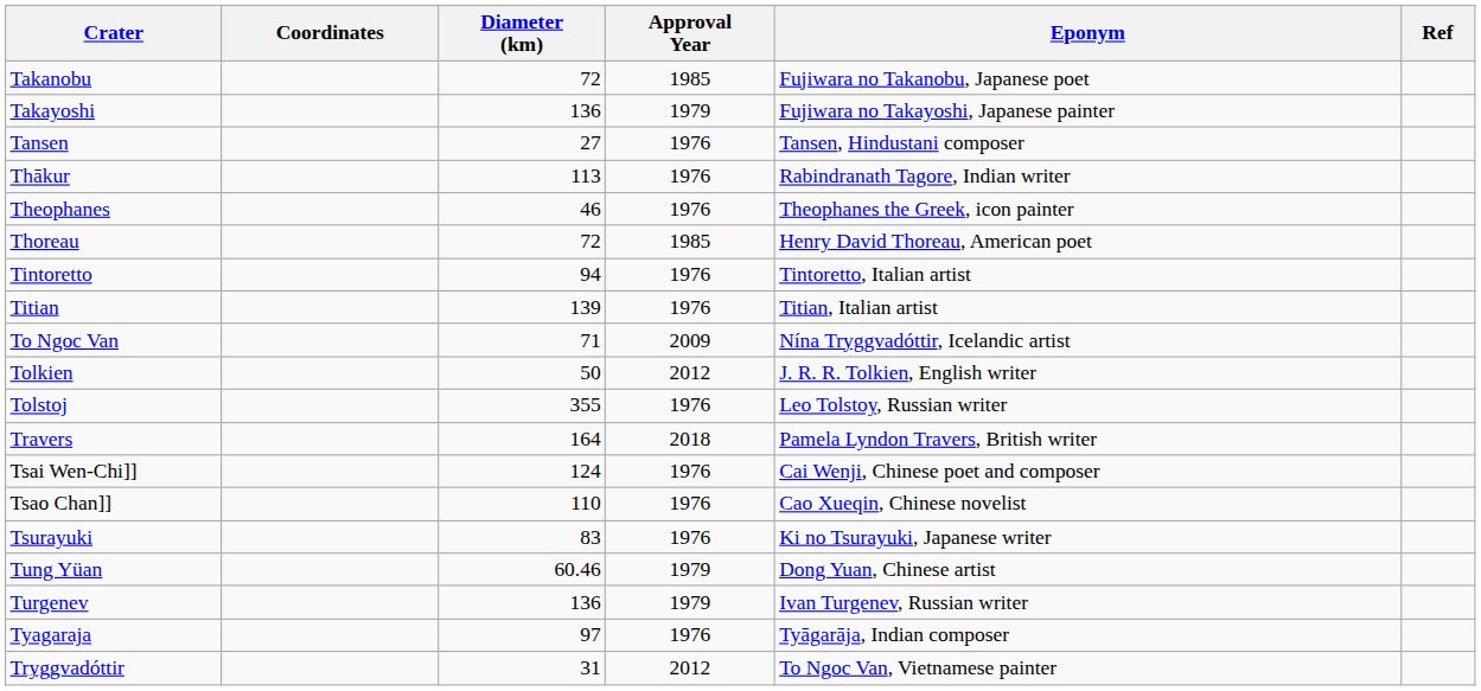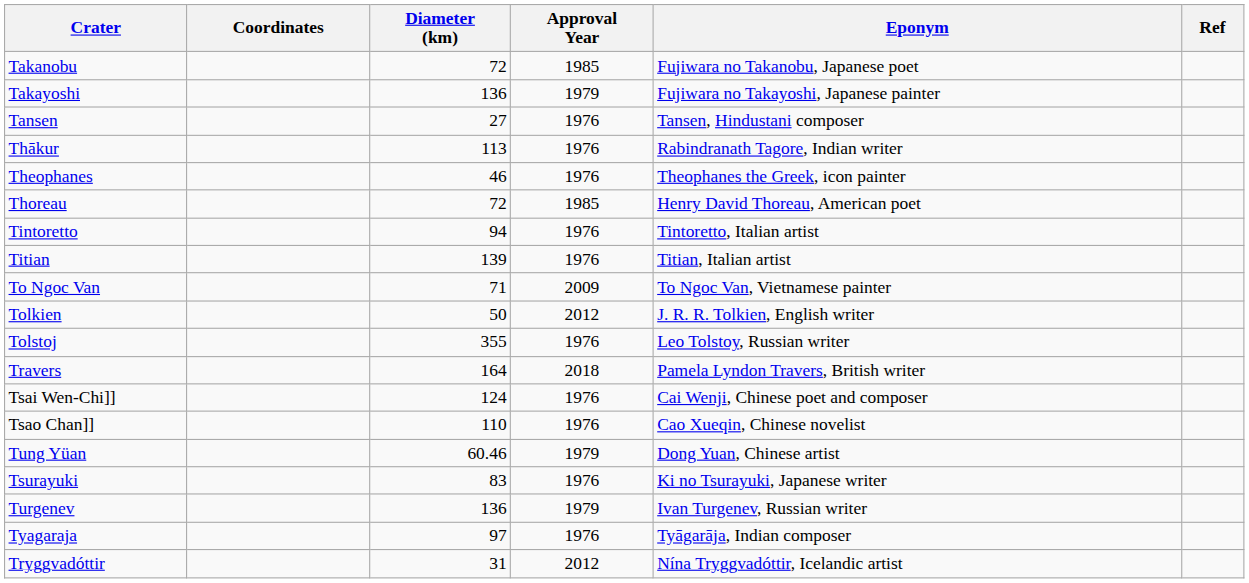 <table class="wikitable sortable" style="min-width: 90%">
 <tr>
 <th style="width:10em"><a href='#'>Crater</a></th>
 <th style="width:10em">Coordinates</th>
 <th><a href='#'>Diameter</a><br>(km)</th>
 <th>Approval<br>Year</th>
 <th class="unsortable"><a href='#'>Eponym</a></th>
 <th class="unsortable">Ref</th>
 </tr>
 <tr id="Takanobu">
 <td><a href='#'>Takanobu</a></td>
 <td></td>
 <td align=right>72</td>
 <td align=center>1985</td>
 <td><a href='#'>Fujiwara no Takanobu</a>, Japanese poet</td>
 <td></td>
 </tr>
 <tr id="Takayoshi">
 <td><a href='#'>Takayoshi</a></td>
 <td></td>
 <td align=right>136</td>
 <td align=center>1979</td>
 <td><a href='#'>Fujiwara no Takayoshi</a>, Japanese painter</td>
 <td></td>
 </tr>
 <tr id="Tansen">
 <td><a href='#'>Tansen</a></td>
 <td></td>
 <td align=right>27</td>
 <td align=center>1976</td>
 <td><a href='#'>Tansen</a>, <a href='#'>Hindustani</a> composer</td>
 <td></td>
 </tr>
 <tr id="Thākur">
 <td><a href='#'>Thākur</a></td>
 <td></td>
 <td align=right>113</td>
 <td align=center>1976</td>
 <td><a href='#'>Rabindranath Tagore</a>, Indian writer</td>
 <td></td>
 </tr>
 <tr id="Theophanes">
 <td><a href='#'>Theophanes</a></td>
 <td></td>
 <td align=right>46</td>
 <td align=center>1976</td>
 <td><a href='#'>Theophanes the Greek</a>, icon painter</td>
 <td></td>
 </tr>
 <tr id="Thoreau">
 <td><a href='#'>Thoreau</a></td>
 <td></td>
 <td align=right>72</td>
 <td align=center>1985</td>
 <td><a href='#'>Henry David Thoreau</a>, American poet</td>
 <td></td>
 </tr>
 <tr id="Tintoretto">
 <td><a href='#'>Tintoretto</a></td>
 <td></td>
 <td align=right>94</td>
 <td align=center>1976</td>
 <td><a href='#'>Tintoretto</a>, Italian artist</td>
 <td></td>
 </tr>
 <tr id="Titian">
 <td><a href='#'>Titian</a></td>
 <td></td>
 <td align=right>139</td>
 <td align=center>1976</td>
 <td><a href='#'>Titian</a>, Italian artist</td>
 <td></td>
 </tr>
 <tr id="To Ngoc Van">
 <td><a href='#'>To Ngoc Van</a></td>
 <td></td>
 <td align=right>71</td>
 <td align=center>2009</td>
-<td><a href='#'>Nína Tryggvadóttir</a>, Icelandic artist</td>
+<td><a href='#'>To Ngoc Van</a>, Vietnamese painter</td>
 <td></td>
 </tr>
 <tr id="Tolkien">
 <td><a href='#'>Tolkien</a></td>
 <td></td>
 <td align=right>50</td>
 <td align=center>2012</td>
 <td><a href='#'>J. R. R. Tolkien</a>, English writer</td>
 <td></td>
 </tr>
 <tr id="Tolstoj">
 <td><a href='#'>Tolstoj</a></td>
 <td></td>
 <td align=right>355</td>
 <td align=center>1976</td>
 <td><a href='#'>Leo Tolstoy</a>, Russian writer</td>
 <td></td>
 </tr>
 <tr id="Travers">
 <td><a href='#'>Travers</a></td>
 <td></td>
 <td align=right>164</td>
 <td align=center>2018</td>
 <td><a href='#'>Pamela Lyndon Travers</a>, British writer</td>
 <td></td>
 </tr>
 <tr id="Ts">
 <td [[Ts>Tsai Wen-Chi]]</td>
 <td></td>
 <td align=right>124</td>
 <td align=center>1976</td>
 <td><a href='#'>Cai Wenji</a>, Chinese poet and composer</td>
 <td></td>
 </tr>
 <tr id="Ts">
 <td [[Ts>Tsao Chan]]</td>
 <td></td>
 <td align=right>110</td>
 <td align=center>1976</td>
 <td><a href='#'>Cao Xueqin</a>, Chinese novelist</td>
 <td></td>
 </tr>
+<tr id="Tung Yüan">
+<td><a href='#'>Tung Yüan</a></td>
+<td></td>
+<td align=right>60.46</td>
+<td align=center>1979</td>
+<td><a href='#'>Dong Yuan</a>, Chinese artist</td>
+<td></td>
+</tr>
 <tr id="Tsurayuki">
 <td><a href='#'>Tsurayuki</a></td>
 <td></td>
 <td align=right>83</td>
 <td align=center>1976</td>
 <td><a href='#'>Ki no Tsurayuki</a>, Japanese writer</td>
-<td></td>
-</tr>
-<tr id="Tung Yüan">
-<td><a href='#'>Tung Yüan</a></td>
-<td></td>
-<td align=right>60.46</td>
-<td align=center>1979</td>
-<td><a href='#'>Dong Yuan</a>, Chinese artist</td>
 <td></td>
 </tr>
 <tr id="Turgenev">
 <td><a href='#'>Turgenev</a></td>
 <td></td>
 <td align=right>136</td>
 <td align=center>1979</td>
 <td><a href='#'>Ivan Turgenev</a>, Russian writer</td>
 <td></td>
 </tr>
 <tr id="Tyagaraja">
 <td><a href='#'>Tyagaraja</a></td>
 <td></td>
 <td align=right>97</td>
 <td align=center>1976</td>
 <td><a href='#'>Tyāgarāja</a>, Indian composer</td>
 <td></td>
 </tr>
 <tr id="Tryggvadóttir">
 <td><a href='#'>Tryggvadóttir</a></td>
 <td></td>
 <td align=right>31</td>
 <td align=center>2012</td>
-<td><a href='#'>To Ngoc Van</a>, Vietnamese painter</td>
+<td><a href='#'>Nína Tryggvadóttir</a>, Icelandic artist</td>
 <td></td>
 </tr>
 </table>
